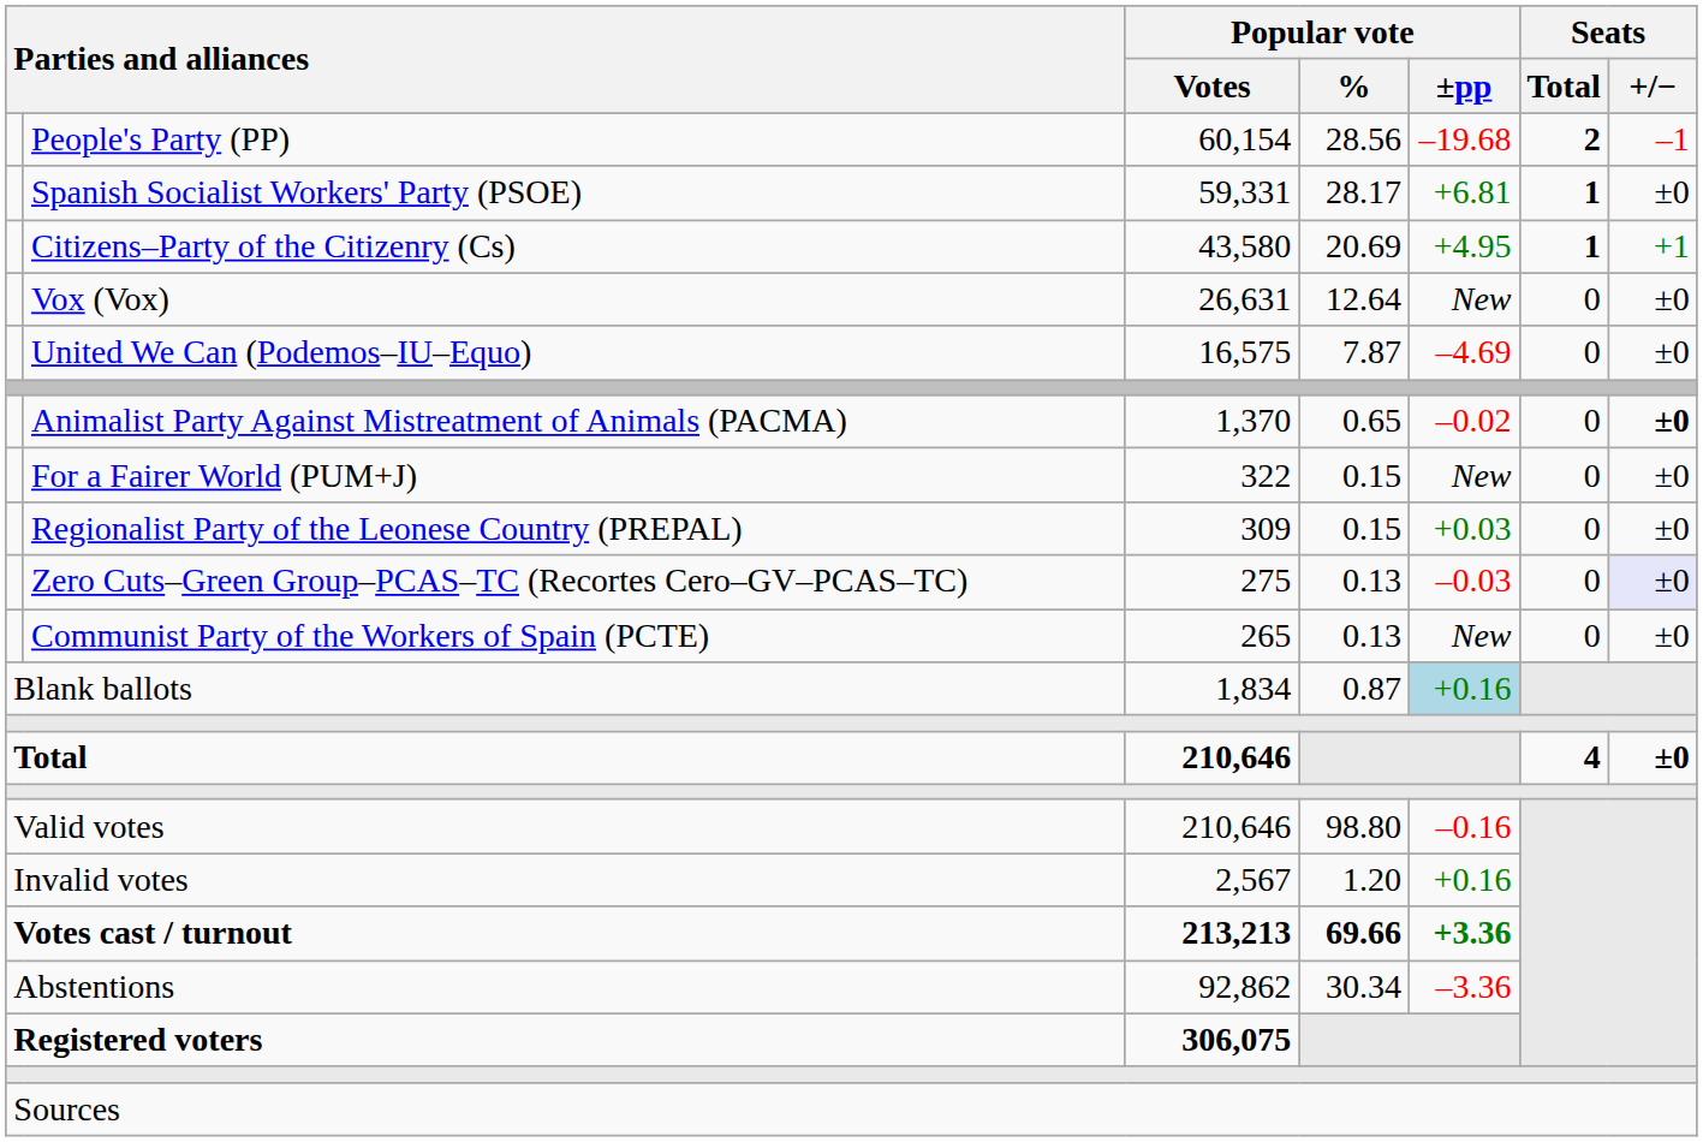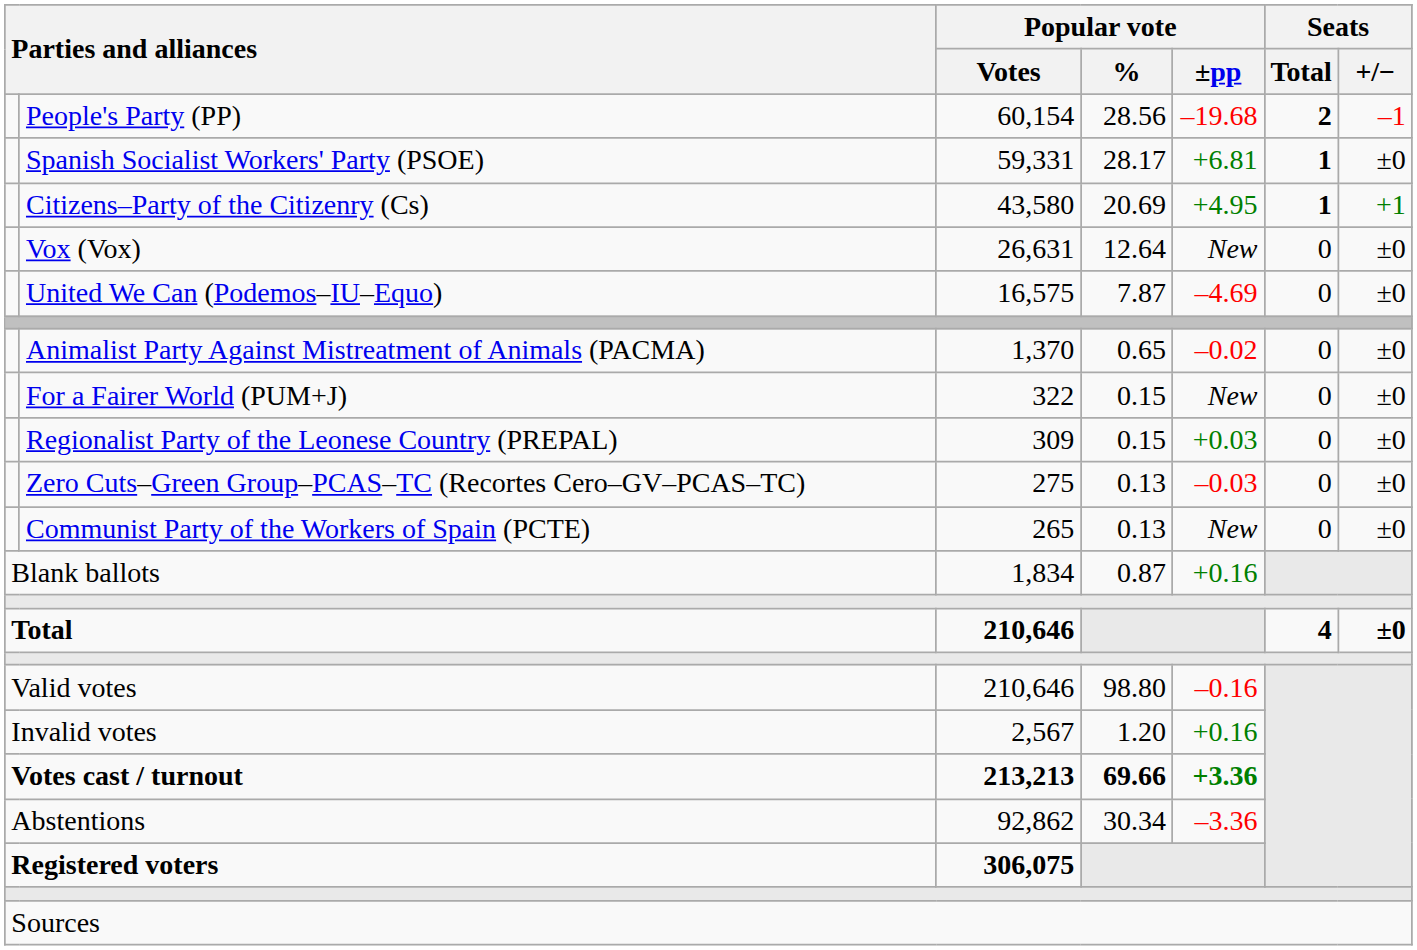 <table class="wikitable" style="text-align:right;">
 <tr>
 <th style="text-align:left;" rowspan="2" colspan="2" width="525">Parties and alliances</th>
 <th colspan="3">Popular vote</th>
 <th colspan="2">Seats</th>
 </tr>
 <tr>
 <th width="75">Votes</th>
 <th width="45">%</th>
 <th width="45">±<a href='#'>pp</a></th>
 <th width="35">Total</th>
 <th width="35">+/−</th>
 </tr>
 <tr>
 <td width="1" style="color:inherit;background:"></td>
 <td align="left"><a href='#'>People's Party</a> (PP)</td>
 <td>60,154</td>
 <td>28.56</td>
 <td style="color:red;">–19.68</td>
 <td><strong>2</strong></td>
 <td style="color:red;">–1</td>
 </tr>
 <tr>
 <td style="color:inherit;background:"></td>
 <td align="left"><a href='#'>Spanish Socialist Workers' Party</a> (PSOE)</td>
 <td>59,331</td>
 <td>28.17</td>
 <td style="color:green;">+6.81</td>
 <td><strong>1</strong></td>
 <td>±0</td>
 </tr>
 <tr>
 <td style="color:inherit;background:"></td>
 <td align="left"><a href='#'>Citizens–Party of the Citizenry</a> (Cs)</td>
 <td>43,580</td>
 <td>20.69</td>
 <td style="color:green;">+4.95</td>
 <td><strong>1</strong></td>
 <td style="color:green;">+1</td>
 </tr>
 <tr>
 <td style="color:inherit;background:"></td>
 <td align="left"><a href='#'>Vox</a> (Vox)</td>
 <td>26,631</td>
 <td>12.64</td>
 <td><em>New</em></td>
 <td>0</td>
 <td>±0</td>
 </tr>
 <tr>
 <td style="color:inherit;background:"></td>
 <td align="left"><a href='#'>United We Can</a> (<a href='#'>Podemos</a>–<a href='#'>IU</a>–<a href='#'>Equo</a>)</td>
 <td>16,575</td>
 <td>7.87</td>
 <td style="color:red;">–4.69</td>
 <td>0</td>
 <td>±0</td>
 </tr>
 <tr>
 <td colspan="7" bgcolor="#C0C0C0"></td>
 </tr>
 <tr>
 <td style="color:inherit;background:"></td>
 <td align="left"><a href='#'>Animalist Party Against Mistreatment of Animals</a> (PACMA)</td>
 <td>1,370</td>
 <td>0.65</td>
 <td style="color:red;">–0.02</td>
 <td>0</td>
-<td><strong>±0</strong></td>
+<td>±0</td>
 </tr>
 <tr>
 <td style="color:inherit;background:"></td>
 <td align="left"><a href='#'>For a Fairer World</a> (PUM+J)</td>
 <td>322</td>
 <td>0.15</td>
 <td><em>New</em></td>
 <td>0</td>
 <td>±0</td>
 </tr>
 <tr>
 <td style="color:inherit;background:"></td>
 <td align="left"><a href='#'>Regionalist Party of the Leonese Country</a> (PREPAL)</td>
 <td>309</td>
 <td>0.15</td>
 <td style="color:green;">+0.03</td>
 <td>0</td>
 <td>±0</td>
 </tr>
 <tr>
 <td style="color:inherit;background:"></td>
 <td align="left"><a href='#'>Zero Cuts</a>–<a href='#'>Green Group</a>–<a href='#'>PCAS</a>–<a href='#'>TC</a> (Recortes Cero–GV–PCAS–TC)</td>
 <td>275</td>
 <td>0.13</td>
 <td style="color:red;">–0.03</td>
 <td>0</td>
-<td style="background: lavender;">±0</td>
+<td>±0</td>
 </tr>
 <tr>
 <td style="color:inherit;background:"></td>
 <td align="left"><a href='#'>Communist Party of the Workers of Spain</a> (PCTE)</td>
 <td>265</td>
 <td>0.13</td>
 <td><em>New</em></td>
 <td>0</td>
 <td>±0</td>
 </tr>
 <tr>
 <td align="left" colspan="2">Blank ballots</td>
 <td>1,834</td>
 <td>0.87</td>
-<td style="background: lightblue; color:green;">+0.16</td>
+<td style="color:green;">+0.16</td>
 <td bgcolor="#E9E9E9" colspan="2"></td>
 </tr>
 <tr>
 <td colspan="7" bgcolor="#E9E9E9"></td>
 </tr>
 <tr style="font-weight:bold;">
 <td align="left" colspan="2">Total</td>
 <td>210,646</td>
 <td bgcolor="#E9E9E9" colspan="2"></td>
 <td>4</td>
 <td>±0</td>
 </tr>
 <tr>
 <td colspan="7" bgcolor="#E9E9E9"></td>
 </tr>
 <tr>
 <td align="left" colspan="2">Valid votes</td>
 <td>210,646</td>
 <td>98.80</td>
 <td style="color:red;">–0.16</td>
 <td bgcolor="#E9E9E9" colspan="2" rowspan="5"></td>
 </tr>
 <tr>
 <td align="left" colspan="2">Invalid votes</td>
 <td>2,567</td>
 <td>1.20</td>
 <td style="color:green;">+0.16</td>
 </tr>
 <tr style="font-weight:bold;">
 <td align="left" colspan="2">Votes cast / turnout</td>
 <td>213,213</td>
 <td>69.66</td>
 <td style="color:green;">+3.36</td>
 </tr>
 <tr>
 <td align="left" colspan="2">Abstentions</td>
 <td>92,862</td>
 <td>30.34</td>
 <td style="color:red;">–3.36</td>
 </tr>
 <tr style="font-weight:bold;">
 <td align="left" colspan="2">Registered voters</td>
 <td>306,075</td>
 <td bgcolor="#E9E9E9" colspan="2"></td>
 </tr>
 <tr>
 <td colspan="7" bgcolor="#E9E9E9"></td>
 </tr>
 <tr>
 <td align="left" colspan="7">Sources</td>
 </tr>
 </table>
